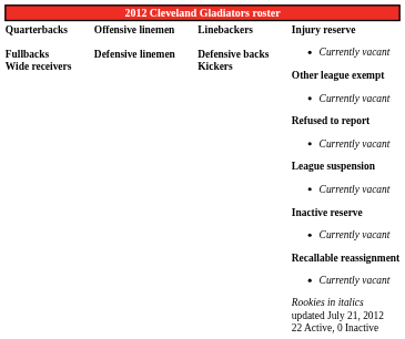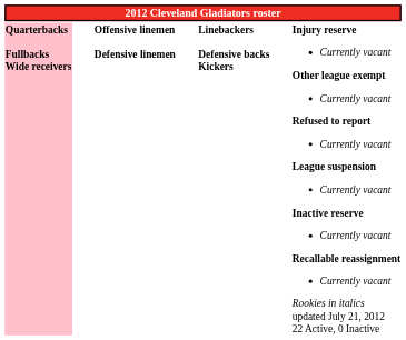 <table class="toccolours" style="text-align: left;">
 <tr>
 <th colspan=7 style="background:#EE2D24; border: 2px solid black; color:white; text-align:center;"><strong>2012 Cleveland Gladiators roster</strong></th>
 </tr>
 <tr>
-<td style="font-size: 95%;" valign="top"><strong>Quarterbacks</strong><br> <br><strong>Fullbacks</strong> <br><strong>Wide receivers</strong>    </td>
+<td style="background: pink; font-size: 95%;" valign="top"><strong>Quarterbacks</strong><br> <br><strong>Fullbacks</strong> <br><strong>Wide receivers</strong>    </td>
 <td style="width: 25px;"></td>
 <td style="font-size: 95%;" valign="top"><strong>Offensive linemen</strong><br>    <br><strong>Defensive linemen</strong>   </td>
 <td style="width: 25px;"></td>
 <td style="font-size: 95%;" valign="top"><strong>Linebackers</strong><br> <br><strong>Defensive backs</strong>     <br><strong>Kickers</strong> </td>
 <td style="width: 25px;"></td>
 <td style="font-size: 95%;" valign="top"><strong>Injury reserve</strong><br><ul><li><em>Currently vacant</em></li></ul><strong>Other league exempt</strong><ul><li><em>Currently vacant</em></li></ul><strong>Refused to report</strong><ul><li><em>Currently vacant</em></li></ul><strong>League suspension</strong><ul><li><em>Currently vacant</em></li></ul><strong>Inactive reserve</strong><ul><li><em>Currently vacant</em></li></ul><strong>Recallable reassignment</strong><ul><li><em>Currently vacant</em></li></ul> <em>Rookies in italics</em><br> <span> </span> updated July 21, 2012<br> 22 Active, 0 Inactive </td>
 </tr>
 <tr>
 </tr>
 </table>
